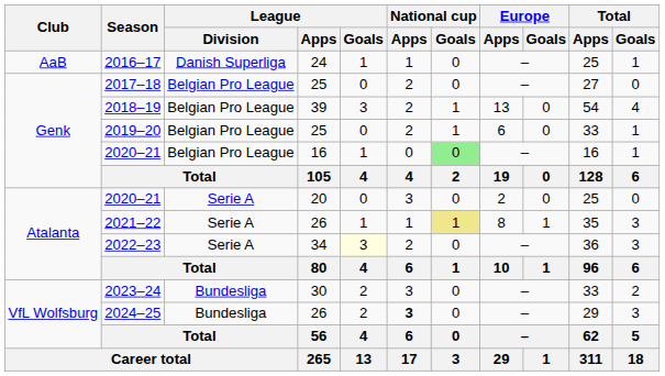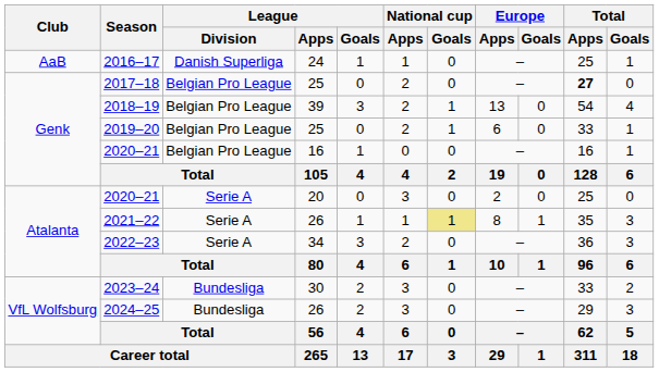 <table class="wikitable" style="text-align: center">
 <tr>
 <th rowspan="2">Club</th>
 <th rowspan="2">Season</th>
 <th colspan="3">League</th>
 <th colspan="2">National cup</th>
 <th colspan="2"><a href='#'>Europe</a></th>
 <th colspan="2">Total</th>
 </tr>
 <tr>
 <th>Division</th>
 <th>Apps</th>
 <th>Goals</th>
 <th>Apps</th>
 <th>Goals</th>
 <th>Apps</th>
 <th>Goals</th>
 <th>Apps</th>
 <th>Goals</th>
 </tr>
 <tr>
 <td><a href='#'>AaB</a></td>
 <td><a href='#'>2016–17</a></td>
 <td><a href='#'>Danish Superliga</a></td>
 <td>24</td>
 <td>1</td>
 <td>1</td>
 <td>0</td>
 <td colspan="2">–</td>
 <td>25</td>
 <td>1</td>
 </tr>
 <tr>
 <td rowspan="5"><a href='#'>Genk</a></td>
 <td><a href='#'>2017–18</a></td>
 <td><a href='#'>Belgian Pro League</a></td>
 <td>25</td>
 <td>0</td>
 <td>2</td>
 <td>0</td>
 <td colspan="2">–</td>
-<td>27</td>
+<td><strong>27</strong></td>
 <td>0</td>
 </tr>
 <tr>
 <td><a href='#'>2018–19</a></td>
 <td>Belgian Pro League</td>
 <td>39</td>
 <td>3</td>
 <td>2</td>
 <td>1</td>
 <td>13</td>
 <td>0</td>
 <td>54</td>
 <td>4</td>
 </tr>
 <tr>
 <td><a href='#'>2019–20</a></td>
 <td>Belgian Pro League</td>
 <td>25</td>
 <td>0</td>
 <td>2</td>
 <td>1</td>
 <td>6</td>
 <td>0</td>
 <td>33</td>
 <td>1</td>
 </tr>
 <tr>
 <td><a href='#'>2020–21</a></td>
 <td>Belgian Pro League</td>
 <td>16</td>
 <td>1</td>
 <td>0</td>
-<td style="background: lightgreen;">0</td>
+<td>0</td>
 <td colspan="2">–</td>
 <td>16</td>
 <td>1</td>
 </tr>
 <tr>
 <th colspan="2">Total</th>
 <th>105</th>
 <th>4</th>
 <th>4</th>
 <th>2</th>
 <th>19</th>
 <th>0</th>
 <th>128</th>
 <th>6</th>
 </tr>
 <tr>
 <td rowspan="4"><a href='#'>Atalanta</a></td>
 <td><a href='#'>2020–21</a></td>
 <td><a href='#'>Serie A</a></td>
 <td>20</td>
 <td>0</td>
 <td>3</td>
 <td>0</td>
 <td>2</td>
 <td>0</td>
 <td>25</td>
 <td>0</td>
 </tr>
 <tr>
 <td><a href='#'>2021–22</a></td>
 <td>Serie A</td>
 <td>26</td>
 <td>1</td>
 <td>1</td>
 <td style="background: khaki;">1</td>
 <td>8</td>
 <td>1</td>
 <td>35</td>
 <td>3</td>
 </tr>
 <tr>
 <td><a href='#'>2022–23</a></td>
 <td>Serie A</td>
 <td>34</td>
-<td style="background: lightyellow;">3</td>
+<td>3</td>
 <td>2</td>
 <td>0</td>
 <td colspan="2">–</td>
 <td>36</td>
 <td>3</td>
 </tr>
 <tr>
 <th colspan="2">Total</th>
 <th>80</th>
 <th>4</th>
 <th>6</th>
 <th>1</th>
 <th>10</th>
 <th>1</th>
 <th>96</th>
 <th>6</th>
 </tr>
 <tr>
 <td rowspan="3"><a href='#'>VfL Wolfsburg</a></td>
 <td><a href='#'>2023–24</a></td>
 <td><a href='#'>Bundesliga</a></td>
 <td>30</td>
 <td>2</td>
 <td>3</td>
 <td>0</td>
 <td colspan="2">–</td>
 <td>33</td>
 <td>2</td>
 </tr>
 <tr>
 <td><a href='#'>2024–25</a></td>
 <td>Bundesliga</td>
 <td>26</td>
 <td>2</td>
-<td><strong>3</strong></td>
+<td>3</td>
 <td>0</td>
 <td colspan="2">–</td>
 <td>29</td>
 <td>3</td>
 </tr>
 <tr>
 <th colspan="2">Total</th>
 <th>56</th>
 <th>4</th>
 <th>6</th>
 <th>0</th>
 <th colspan="2">–</th>
 <th>62</th>
 <th>5</th>
 </tr>
 <tr>
 <th colspan="3">Career total</th>
 <th>265</th>
 <th>13</th>
 <th>17</th>
 <th>3</th>
 <th>29</th>
 <th>1</th>
 <th>311</th>
 <th>18</th>
 </tr>
 </table>
